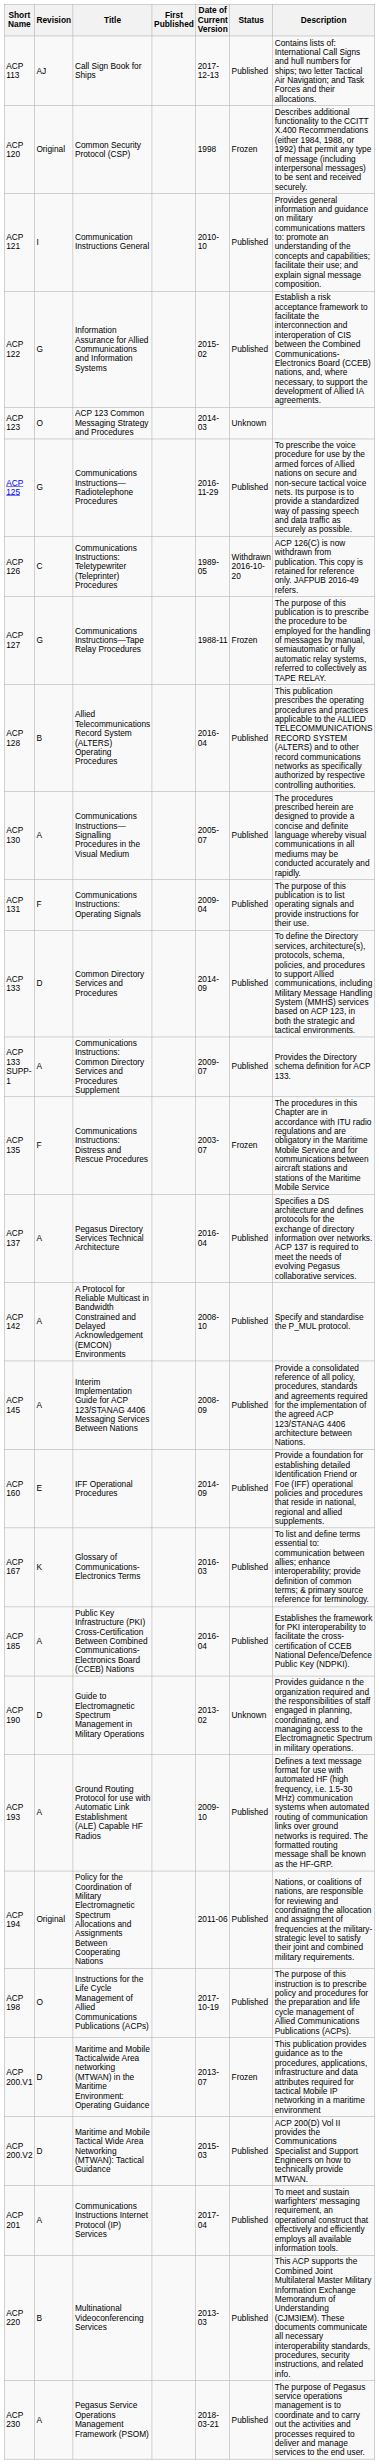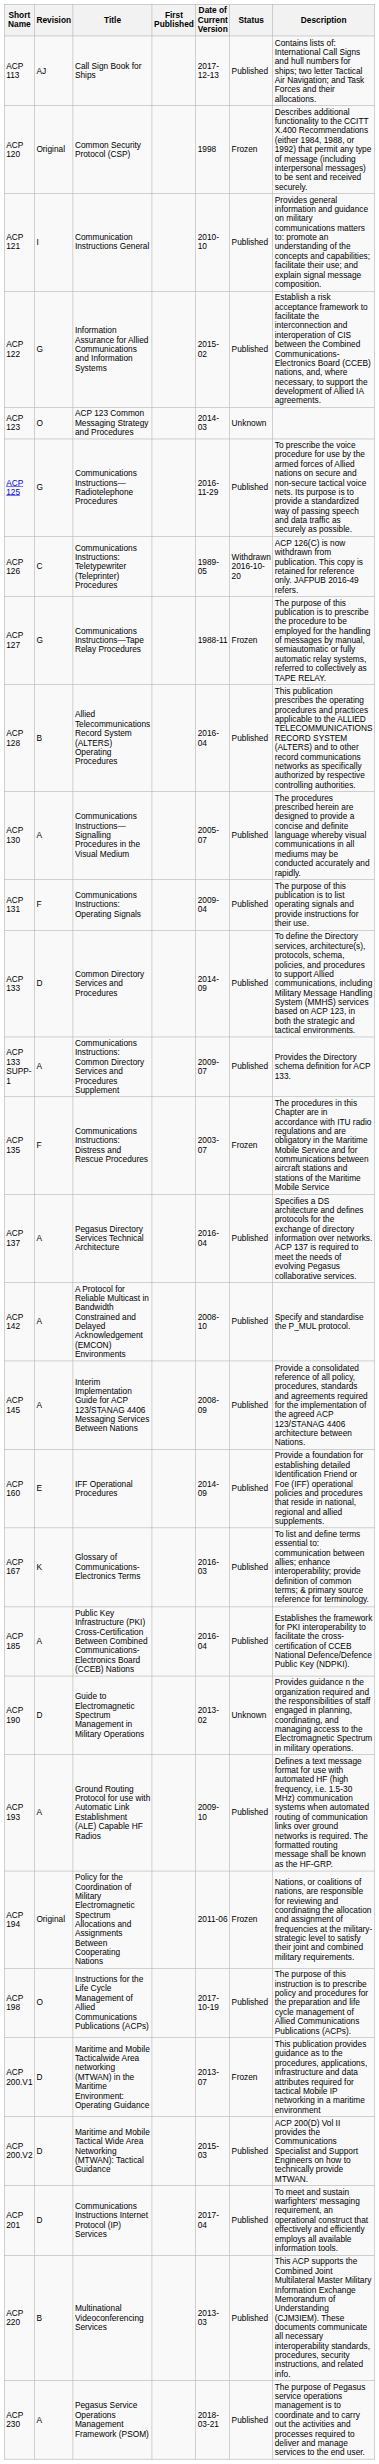 <table class="wikitable">
 <tr>
 <th>Short Name</th>
 <th>Revision</th>
 <th>Title</th>
 <th>First Published</th>
 <th>Date of Current Version</th>
 <th>Status</th>
 <th>Description</th>
 </tr>
 <tr>
 <td>ACP 113</td>
 <td>AJ</td>
 <td>Call Sign Book for Ships</td>
 <td></td>
 <td>2017-12-13</td>
 <td>Published</td>
 <td>Contains lists of: International Call Signs and hull numbers for ships; two letter Tactical Air Navigation; and Task Forces and their allocations.</td>
 </tr>
 <tr>
 <td>ACP 120</td>
 <td>Original</td>
 <td>Common Security Protocol (CSP)</td>
 <td></td>
 <td>1998</td>
 <td>Frozen</td>
 <td>Describes additional functionality to the CCITT X.400 Recommendations (either 1984, 1988, or 1992) that permit any type of message (including interpersonal messages) to be sent and received securely.</td>
 </tr>
 <tr>
 <td>ACP 121</td>
 <td>I</td>
 <td>Communication Instructions General</td>
 <td></td>
 <td>2010-10</td>
 <td>Published</td>
 <td>Provides general information and guidance on military communications matters to: promote an understanding of the concepts and capabilities; facilitate their use; and explain signal message composition.</td>
 </tr>
 <tr>
 <td>ACP 122</td>
 <td>G</td>
 <td>Information Assurance for Allied Communications and Information Systems</td>
 <td></td>
 <td>2015-02</td>
 <td>Published</td>
 <td>Establish a risk acceptance framework to facilitate the interconnection and interoperation of CIS between the Combined Communications-Electronics Board (CCEB) nations, and, where necessary, to support the development of Allied IA agreements.</td>
 </tr>
 <tr>
 <td>ACP 123</td>
 <td>O</td>
 <td>ACP 123 Common Messaging Strategy and Procedures</td>
 <td></td>
 <td>2014-03</td>
 <td>Unknown</td>
 <td></td>
 </tr>
 <tr>
 <td><a href='#'>ACP 125</a></td>
 <td>G</td>
 <td>Communications Instructions—Radiotelephone Procedures</td>
 <td></td>
 <td>2016-11-29</td>
 <td>Published</td>
 <td>To prescribe the voice procedure for use by the armed forces of Allied nations on secure and non-secure tactical voice nets. Its purpose is to provide a standardized way of passing speech and data traffic as securely as possible.</td>
 </tr>
 <tr>
 <td>ACP 126</td>
 <td>C</td>
 <td>Communications Instructions: Teletypewriter (Teleprinter) Procedures</td>
 <td></td>
 <td>1989-05</td>
 <td>Withdrawn 2016-10-20</td>
 <td>ACP 126(C) is now withdrawn from publication. This copy is retained for reference only. JAFPUB 2016-49 refers.</td>
 </tr>
 <tr>
 <td>ACP 127</td>
 <td>G</td>
 <td>Communications Instructions—Tape Relay Procedures</td>
 <td></td>
 <td>1988-11</td>
 <td>Frozen</td>
 <td>The purpose of this publication is to prescribe the procedure to be employed for the handling of messages by manual, semiautomatic or fully automatic relay systems, referred to collectively as TAPE RELAY.</td>
 </tr>
 <tr>
 <td>ACP 128</td>
 <td>B</td>
 <td>Allied Telecommunications Record System (ALTERS) Operating Procedures</td>
 <td></td>
 <td>2016-04</td>
 <td>Published</td>
 <td>This publication prescribes the operating procedures and practices applicable to the ALLIED TELECOMMUNICATIONS RECORD SYSTEM (ALTERS) and to other record communications networks as specifically authorized by respective controlling authorities.</td>
 </tr>
 <tr>
 <td>ACP 130</td>
 <td>A</td>
 <td>Communications Instructions—Signalling Procedures in the Visual Medium</td>
 <td></td>
 <td>2005-07</td>
 <td>Published</td>
 <td>The procedures prescribed herein are designed to provide a concise and definite language whereby visual communications in all mediums may be conducted accurately and rapidly.</td>
 </tr>
 <tr>
 <td>ACP 131</td>
 <td>F</td>
 <td>Communications Instructions: Operating Signals</td>
 <td></td>
 <td>2009-04</td>
 <td>Published</td>
 <td>The purpose of this publication is to list operating signals and provide instructions for their use.</td>
 </tr>
 <tr>
 <td>ACP 133</td>
 <td>D</td>
 <td>Common Directory Services and Procedures</td>
 <td></td>
 <td>2014-09</td>
 <td>Published</td>
 <td>To define the Directory services, architecture(s), protocols, schema, policies, and procedures to support Allied communications, including Military Message Handling System (MMHS) services based on ACP 123, in both the strategic and tactical environments.</td>
 </tr>
 <tr>
 <td>ACP 133 SUPP-1</td>
 <td>A</td>
 <td>Communications Instructions: Common Directory Services and Procedures Supplement</td>
 <td></td>
 <td>2009-07</td>
 <td>Published</td>
 <td>Provides the Directory schema definition for ACP 133.</td>
 </tr>
 <tr>
 <td>ACP 135</td>
 <td>F</td>
 <td>Communications Instructions: Distress and Rescue Procedures</td>
 <td></td>
 <td>2003-07</td>
 <td>Frozen</td>
 <td>The procedures in this Chapter are in accordance with ITU radio regulations and are obligatory in the Maritime Mobile Service and for communications between aircraft stations and stations of the Maritime Mobile Service</td>
 </tr>
 <tr>
 <td>ACP 137</td>
 <td>A</td>
 <td>Pegasus Directory Services Technical Architecture</td>
 <td></td>
 <td>2016-04</td>
 <td>Published</td>
 <td>Specifies a DS architecture and defines protocols for the exchange of directory information over networks. ACP 137 is required to meet the needs of evolving Pegasus collaborative services.</td>
 </tr>
 <tr>
 <td>ACP 142</td>
 <td>A</td>
 <td>A Protocol for Reliable Multicast in Bandwidth Constrained and Delayed Acknowledgement (EMCON) Environments</td>
 <td></td>
 <td>2008-10</td>
 <td>Published</td>
 <td>Specify and standardise the P_MUL protocol.</td>
 </tr>
 <tr>
 <td>ACP 145</td>
 <td>A</td>
 <td>Interim Implementation Guide for ACP 123/STANAG 4406 Messaging Services Between Nations</td>
 <td></td>
 <td>2008-09</td>
 <td>Published</td>
 <td>Provide a consolidated reference of all policy, procedures, standards and agreements required for the implementation of the agreed ACP 123/STANAG 4406 architecture between Nations.</td>
 </tr>
 <tr>
 <td>ACP 160</td>
 <td>E</td>
 <td>IFF Operational Procedures</td>
 <td></td>
 <td>2014-09</td>
 <td>Published</td>
 <td>Provide a foundation for establishing detailed Identification Friend or Foe (IFF) operational policies and procedures that reside in national, regional and allied supplements.</td>
 </tr>
 <tr>
 <td>ACP 167</td>
 <td>K</td>
 <td>Glossary of Communications-Electronics Terms</td>
 <td></td>
 <td>2016-03</td>
 <td>Published</td>
 <td>To list and define terms essential to: communication between allies; enhance interoperability; provide definition of common terms; & primary source reference for terminology.</td>
 </tr>
 <tr>
 <td>ACP 185</td>
 <td>A</td>
 <td>Public Key Infrastructure (PKI) Cross-Certification Between Combined Communications-Electronics Board (CCEB) Nations</td>
 <td></td>
 <td>2016-04</td>
 <td>Published</td>
 <td>Establishes the framework for PKI interoperability to facilitate the cross-certification of CCEB National Defence/Defence Public Key (NDPKI).</td>
 </tr>
 <tr>
 <td>ACP 190</td>
 <td>D</td>
 <td>Guide to Electromagnetic Spectrum Management in Military Operations</td>
 <td></td>
 <td>2013-02</td>
 <td>Unknown</td>
 <td>Provides guidance n the organization required and the responsibilities of staff engaged in planning, coordinating, and managing access to the Electromagnetic Spectrum in military operations.</td>
 </tr>
 <tr>
 <td>ACP 193</td>
 <td>A</td>
 <td>Ground Routing Protocol for use with Automatic Link Establishment (ALE) Capable HF Radios</td>
 <td></td>
 <td>2009-10</td>
 <td>Published</td>
 <td>Defines a text message format for use with automated HF (high frequency, i.e. 1.5-30 MHz) communication systems when automated routing of communication links over ground networks is required. The formatted routing message shall be known as the HF-GRP.</td>
 </tr>
 <tr>
 <td>ACP 194</td>
 <td>Original</td>
 <td>Policy for the Coordination of Military Electromagnetic Spectrum Allocations and Assignments Between Cooperating Nations</td>
 <td></td>
 <td>2011-06</td>
-<td>Published</td>
+<td>Frozen</td>
 <td>Nations, or coalitions of nations, are responsible for reviewing and coordinating the allocation and assignment of frequencies at the military-strategic level to satisfy their joint and combined military requirements.</td>
 </tr>
 <tr>
 <td>ACP 198</td>
 <td>O</td>
 <td>Instructions for the Life Cycle Management of Allied Communications Publications (ACPs)</td>
 <td></td>
 <td>2017-10-19</td>
 <td>Published</td>
 <td>The purpose of this instruction is to prescribe policy and procedures for the preparation and life cycle management of Allied Communications Publications (ACPs).</td>
 </tr>
 <tr>
 <td>ACP 200.V1</td>
 <td>D</td>
 <td>Maritime and Mobile Tacticalwide Area networking (MTWAN) in the Maritime Environment: Operating Guidance</td>
 <td></td>
 <td>2013-07</td>
 <td>Frozen</td>
 <td>This publication provides guidance as to the procedures, applications, infrastructure and data attributes required for tactical Mobile IP networking in a maritime environment</td>
 </tr>
 <tr>
 <td>ACP 200.V2</td>
 <td>D</td>
 <td>Maritime and Mobile Tactical Wide Area Networking (MTWAN): Tactical Guidance</td>
 <td></td>
 <td>2015-03</td>
 <td>Published</td>
 <td>ACP 200(D) Vol II provides the Communications Specialist and Support Engineers on how to technically provide MTWAN.</td>
 </tr>
 <tr>
 <td>ACP 201</td>
-<td>A</td>
+<td>D</td>
 <td>Communications Instructions Internet Protocol (IP) Services</td>
 <td></td>
 <td>2017-04</td>
 <td>Published</td>
 <td>To meet and sustain warfighters‘ messaging requirement, an operational construct that effectively and efficiently employs all available information tools.</td>
 </tr>
 <tr>
 <td>ACP 220</td>
 <td>B</td>
 <td>Multinational Videoconferencing Services</td>
 <td></td>
 <td>2013-03</td>
 <td>Published</td>
 <td>This ACP supports the Combined Joint Multilateral Master Military Information Exchange Memorandum of Understanding (CJM3IEM). These documents communicate all necessary interoperability standards, procedures, security instructions, and related info.</td>
 </tr>
 <tr>
 <td>ACP 230</td>
 <td>A</td>
 <td>Pegasus Service Operations Management Framework (PSOM)</td>
 <td></td>
 <td>2018-03-21</td>
 <td>Published</td>
 <td>The purpose of Pegasus service operations management is to coordinate and to carry out the activities and processes required to deliver and manage services to the end user.</td>
 </tr>
 </table>
